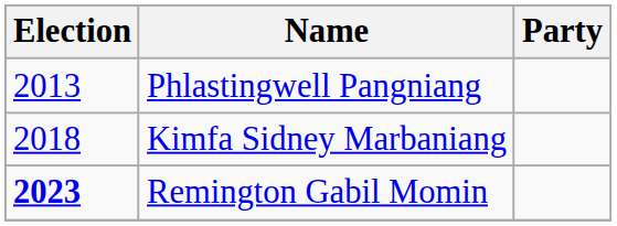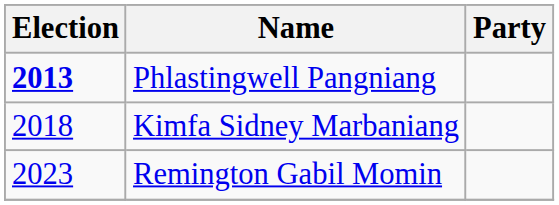 <table class="wikitable sortable">
 <tr>
 <th>Election</th>
 <th>Name</th>
 <th colspan=2>Party</th>
 </tr>
 <tr>
-<td><a href='#'>2013</a></td>
+<td><strong><a href='#'>2013</a></strong></td>
 <td><a href='#'>Phlastingwell Pangniang</a></td>
 <td></td>
 </tr>
 <tr>
 <td><a href='#'>2018</a></td>
 <td><a href='#'>Kimfa Sidney Marbaniang</a></td>
 <td></td>
 </tr>
 <tr>
-<td><strong><a href='#'>2023</a></strong></td>
+<td><a href='#'>2023</a></td>
 <td><a href='#'>Remington Gabil Momin</a></td>
 <td></td>
 </tr>
 <tr>
 </tr>
 </table>
